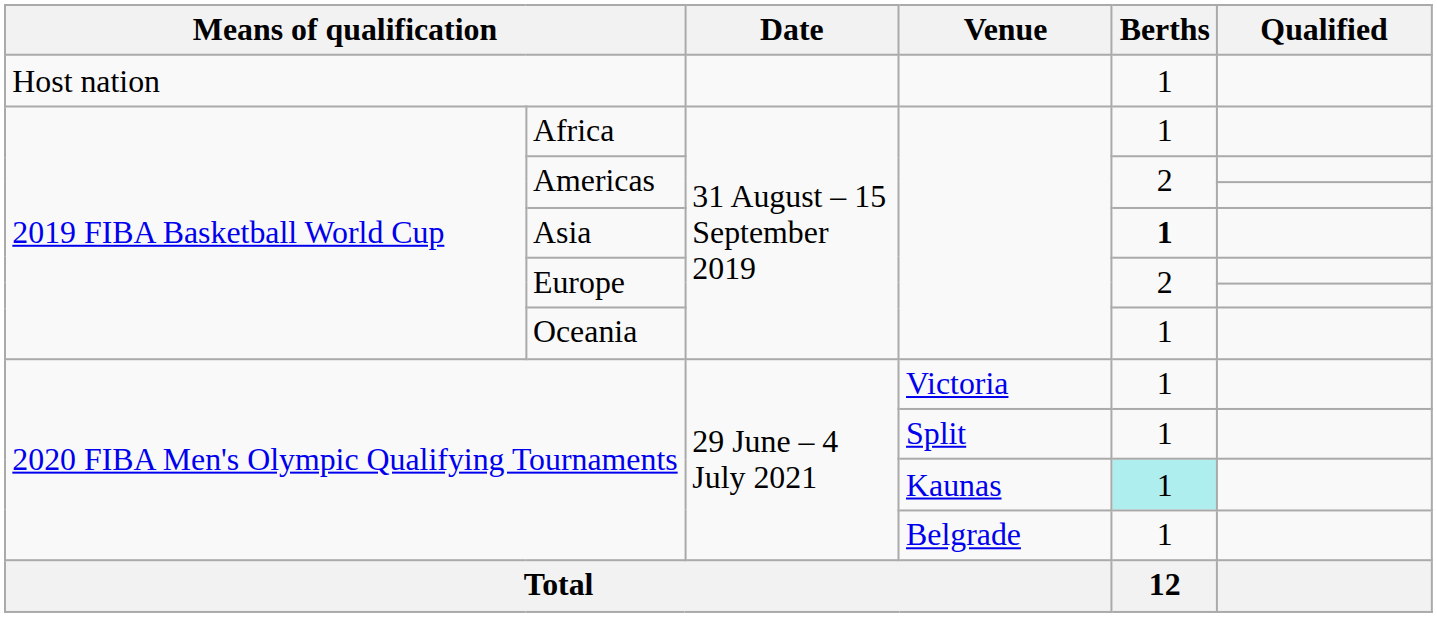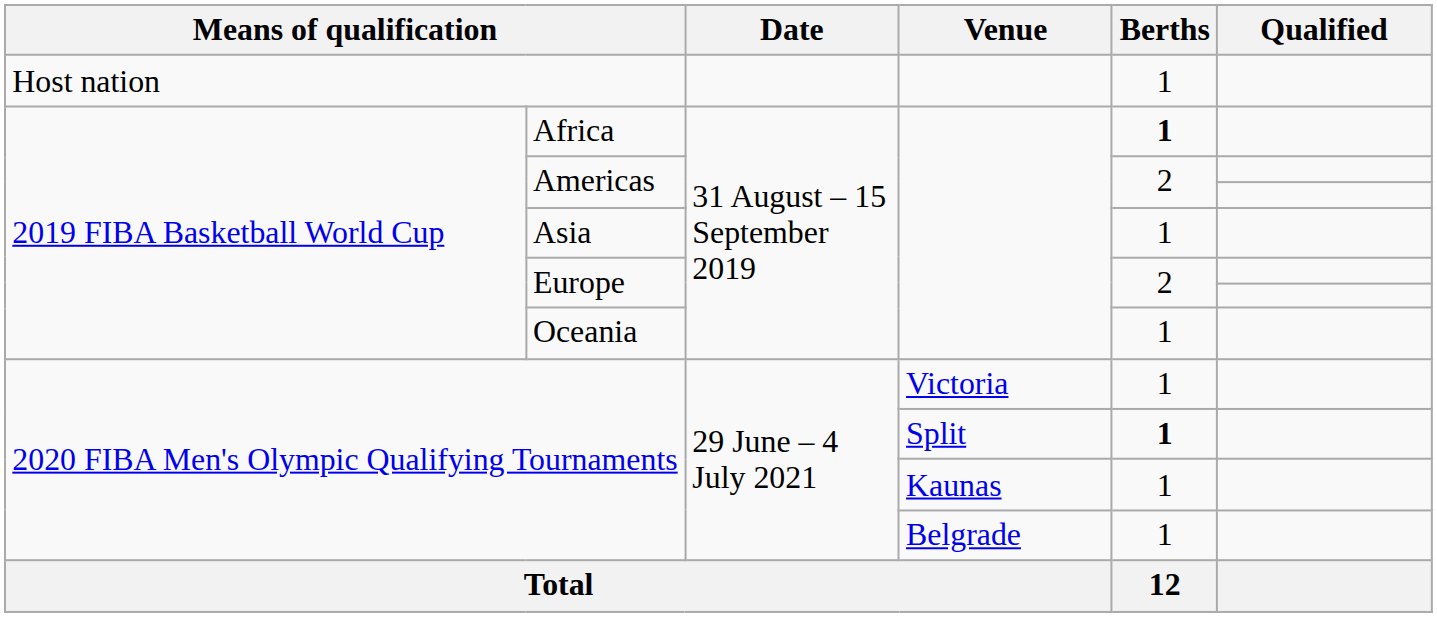 <table class="wikitable">
 <tr>
 <th colspan="2" width=150>Means of qualification</th>
 <th width=100>Date</th>
 <th width=100>Venue</th>
 <th>Berths</th>
 <th width=100>Qualified</th>
 </tr>
 <tr>
 <td colspan="2">Host nation</td>
 <td></td>
 <td></td>
 <td style="text-align:center;">1</td>
 <td></td>
 </tr>
 <tr>
 <td rowspan="7"><a href='#'>2019 FIBA Basketball World Cup</a></td>
 <td>Africa</td>
 <td rowspan="7">31 August – 15 September 2019</td>
 <td rowspan="7"></td>
-<td style="text-align:center;">1</td>
+<td style="text-align:center;"><strong>1</strong></td>
 <td></td>
 </tr>
 <tr>
 <td rowspan="2">Americas</td>
 <td rowspan="2" style="text-align:center;">2</td>
 <td></td>
 </tr>
 <tr>
 <td></td>
 </tr>
 <tr>
 <td>Asia</td>
-<td style="text-align:center;"><strong>1</strong></td>
+<td style="text-align:center;">1</td>
 <td></td>
 </tr>
 <tr>
 <td rowspan="2">Europe</td>
 <td rowspan="2" style="text-align:center;">2</td>
 <td></td>
 </tr>
 <tr>
 <td></td>
 </tr>
 <tr>
 <td>Oceania</td>
 <td style="text-align:center;">1</td>
 <td></td>
 </tr>
 <tr>
 <td colspan="2" rowspan="4"><a href='#'>2020 FIBA Men's Olympic Qualifying Tournaments</a></td>
 <td rowspan="4">29 June – 4 July 2021</td>
 <td> <a href='#'>Victoria</a></td>
 <td style="text-align:center;">1</td>
 <td></td>
 </tr>
 <tr>
 <td> <a href='#'>Split</a></td>
-<td style="text-align:center;">1</td>
+<td style="text-align:center;"><strong>1</strong></td>
 <td></td>
 </tr>
 <tr>
 <td> <a href='#'>Kaunas</a></td>
-<td style="background: paleturquoise; text-align:center;">1</td>
+<td style="text-align:center;">1</td>
 <td></td>
 </tr>
 <tr>
 <td> <a href='#'>Belgrade</a></td>
 <td style="text-align:center;">1</td>
 <td></td>
 </tr>
 <tr>
 <th colspan="4">Total</th>
 <th>12</th>
 <th></th>
 </tr>
 </table>
